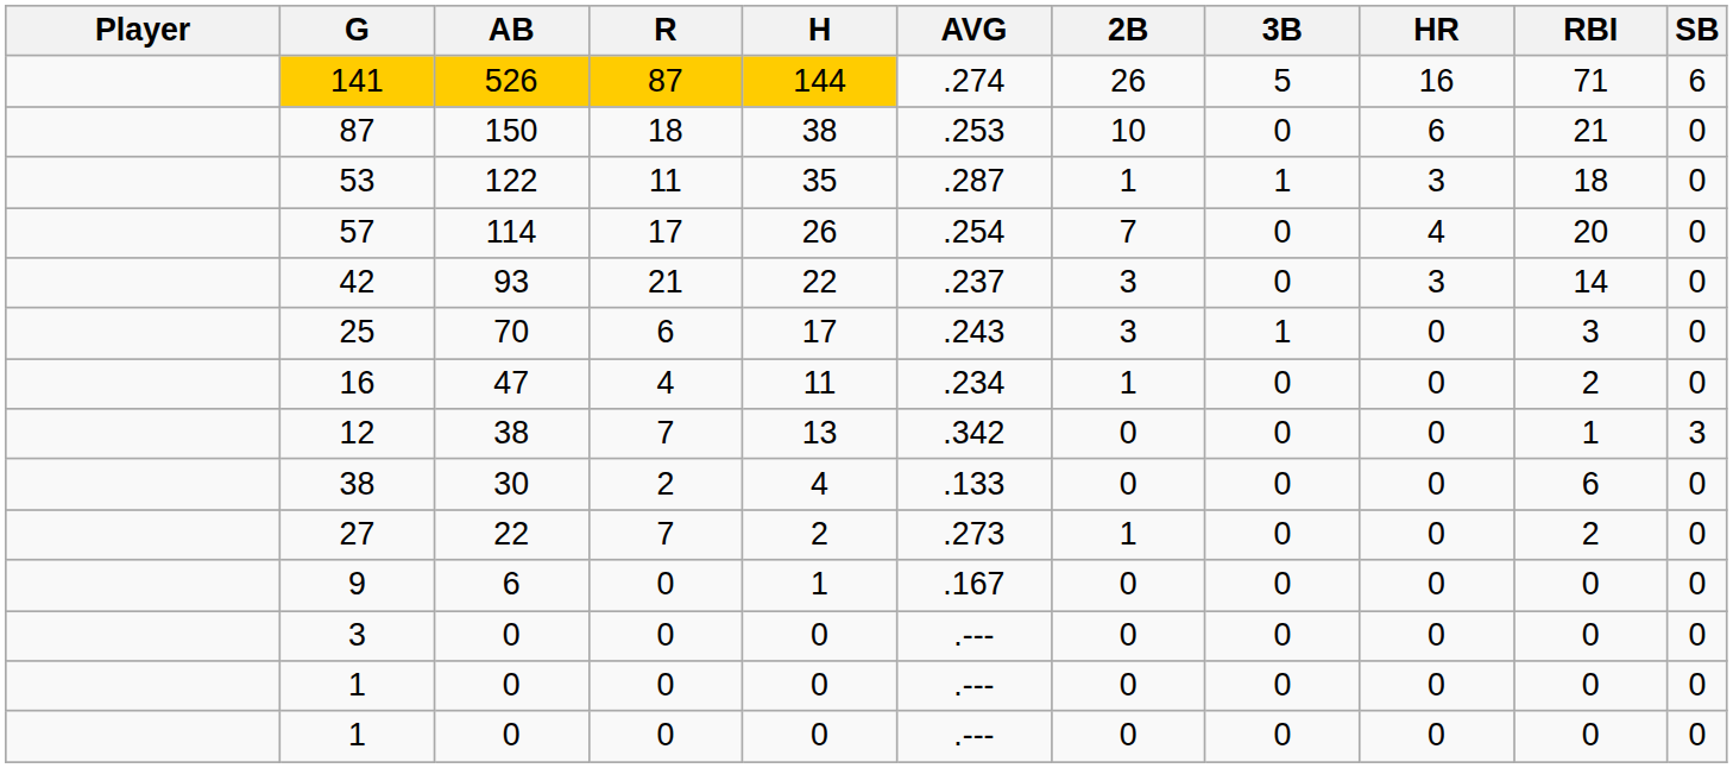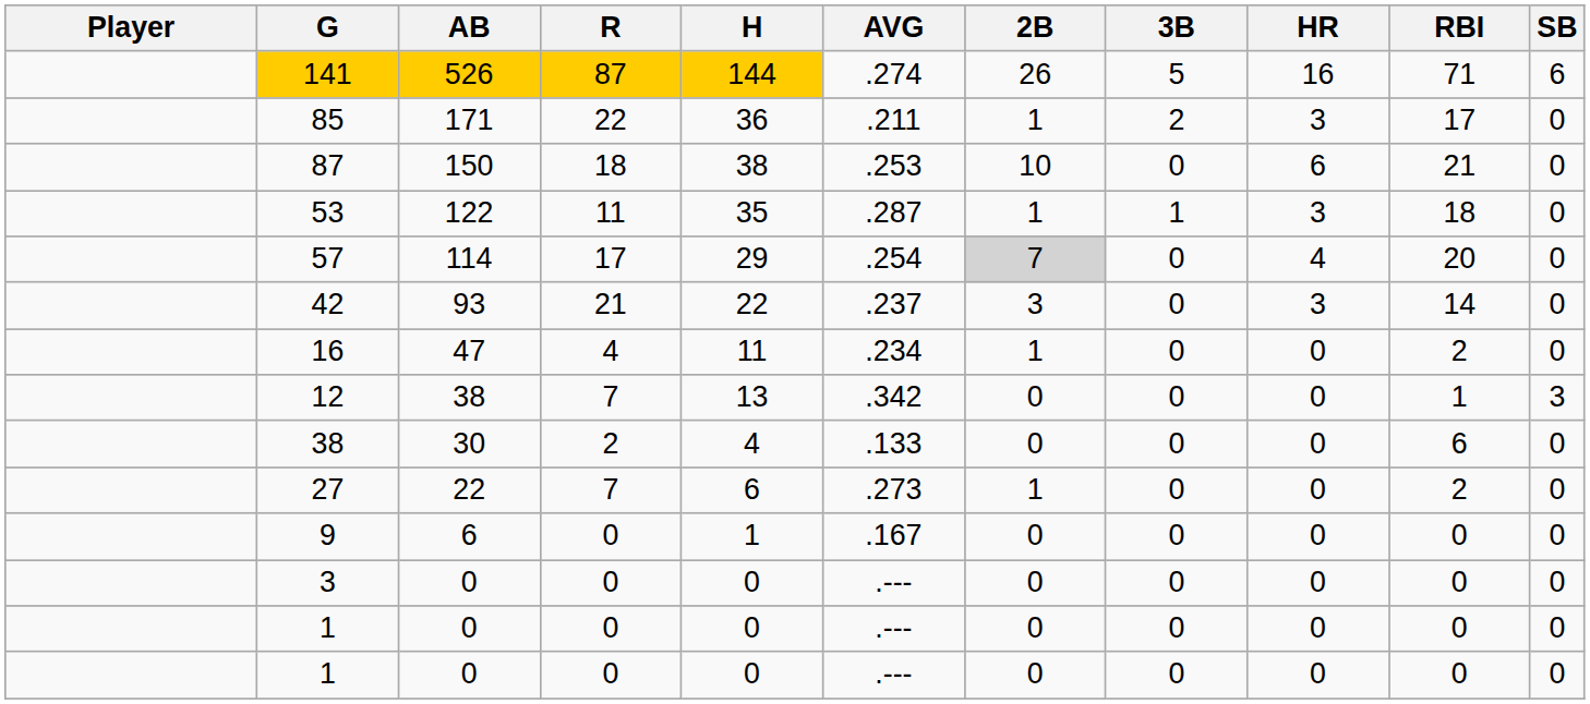 <table class="wikitable sortable">
 <tr>
 <th bgcolor="#DDDDFF" width="16%">Player</th>
 <th bgcolor="#DDDDFF" width="9%">G</th>
 <th bgcolor="#DDDDFF" width="9%">AB</th>
 <th bgcolor="#DDDDFF" width="9%">R</th>
 <th bgcolor="#DDDDFF" width="9%">H</th>
 <th bgcolor="#DDDDFF" width="9%">AVG</th>
 <th bgcolor="#DDDDFF" width="9%">2B</th>
 <th bgcolor="#DDDDFF" width="9%">3B</th>
 <th bgcolor="#DDDDFF" width="9%">HR</th>
 <th bgcolor="#DDDDFF" width="9%">RBI</th>
 <th bgcolor="#DDDDFF" width="9%">SB</th>
 </tr>
 <tr align="center">
 <td></td>
 <td style="background:#fc0;">141</td>
 <td style="background:#fc0;">526</td>
 <td style="background:#fc0;">87</td>
 <td style="background:#fc0;">144</td>
 <td>.274</td>
 <td>26</td>
 <td>5</td>
 <td>16</td>
 <td>71</td>
 <td>6</td>
+</tr>
+<tr align="center">
+<td></td>
+<td>85</td>
+<td>171</td>
+<td>22</td>
+<td>36</td>
+<td>.211</td>
+<td>1</td>
+<td>2</td>
+<td>3</td>
+<td>17</td>
+<td>0</td>
 </tr>
 <tr align="center">
 <td></td>
 <td>87</td>
 <td>150</td>
 <td>18</td>
 <td>38</td>
 <td>.253</td>
 <td>10</td>
 <td>0</td>
 <td>6</td>
 <td>21</td>
 <td>0</td>
 </tr>
 <tr align="center">
 <td></td>
 <td>53</td>
 <td>122</td>
 <td>11</td>
 <td>35</td>
 <td>.287</td>
 <td>1</td>
 <td>1</td>
 <td>3</td>
 <td>18</td>
 <td>0</td>
 </tr>
 <tr align="center">
 <td></td>
 <td>57</td>
 <td>114</td>
 <td>17</td>
-<td>26</td>
+<td>29</td>
 <td>.254</td>
-<td>7</td>
+<td style="background: lightgrey;">7</td>
 <td>0</td>
 <td>4</td>
 <td>20</td>
 <td>0</td>
 </tr>
 <tr align="center">
 <td></td>
 <td>42</td>
 <td>93</td>
 <td>21</td>
 <td>22</td>
 <td>.237</td>
 <td>3</td>
 <td>0</td>
 <td>3</td>
 <td>14</td>
-<td>0</td>
-</tr>
-<tr align="center">
-<td></td>
-<td>25</td>
-<td>70</td>
-<td>6</td>
-<td>17</td>
-<td>.243</td>
-<td>3</td>
-<td>1</td>
-<td>0</td>
-<td>3</td>
 <td>0</td>
 </tr>
 <tr align="center">
 <td></td>
 <td>16</td>
 <td>47</td>
 <td>4</td>
 <td>11</td>
 <td>.234</td>
 <td>1</td>
 <td>0</td>
 <td>0</td>
 <td>2</td>
 <td>0</td>
 </tr>
 <tr align="center">
 <td></td>
 <td>12</td>
 <td>38</td>
 <td>7</td>
 <td>13</td>
 <td>.342</td>
 <td>0</td>
 <td>0</td>
 <td>0</td>
 <td>1</td>
 <td>3</td>
 </tr>
 <tr align="center">
 <td></td>
 <td>38</td>
 <td>30</td>
 <td>2</td>
 <td>4</td>
 <td>.133</td>
 <td>0</td>
 <td>0</td>
 <td>0</td>
 <td>6</td>
 <td>0</td>
 </tr>
 <tr align="center">
 <td></td>
 <td>27</td>
 <td>22</td>
 <td>7</td>
-<td>2</td>
+<td>6</td>
 <td>.273</td>
 <td>1</td>
 <td>0</td>
 <td>0</td>
 <td>2</td>
 <td>0</td>
 </tr>
 <tr align="center">
 <td></td>
 <td>9</td>
 <td>6</td>
 <td>0</td>
 <td>1</td>
 <td>.167</td>
 <td>0</td>
 <td>0</td>
 <td>0</td>
 <td>0</td>
 <td>0</td>
 </tr>
 <tr align="center">
 <td></td>
 <td>3</td>
 <td>0</td>
 <td>0</td>
 <td>0</td>
 <td>.---</td>
 <td>0</td>
 <td>0</td>
 <td>0</td>
 <td>0</td>
 <td>0</td>
 </tr>
 <tr align="center">
 <td></td>
 <td>1</td>
 <td>0</td>
 <td>0</td>
 <td>0</td>
 <td>.---</td>
 <td>0</td>
 <td>0</td>
 <td>0</td>
 <td>0</td>
 <td>0</td>
 </tr>
 <tr align="center">
 <td></td>
 <td>1</td>
 <td>0</td>
 <td>0</td>
 <td>0</td>
 <td>.---</td>
 <td>0</td>
 <td>0</td>
 <td>0</td>
 <td>0</td>
 <td>0</td>
 </tr>
 </table>
